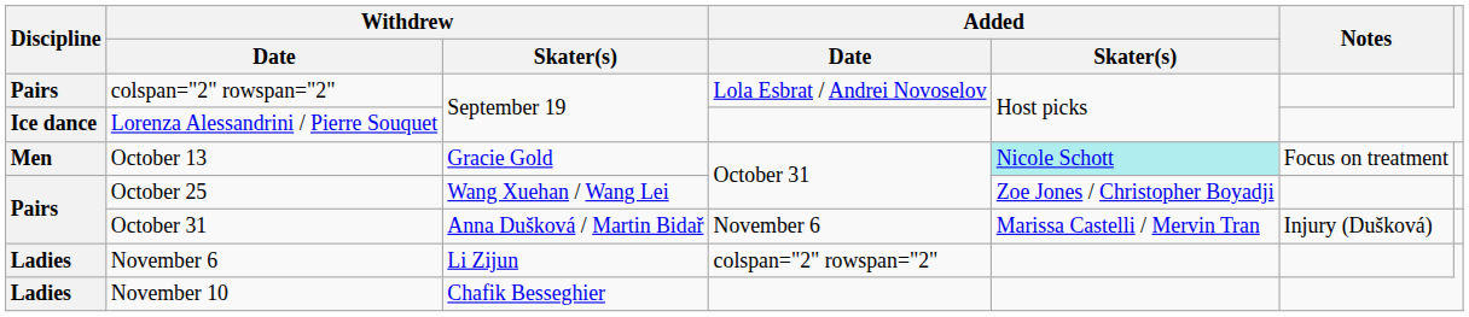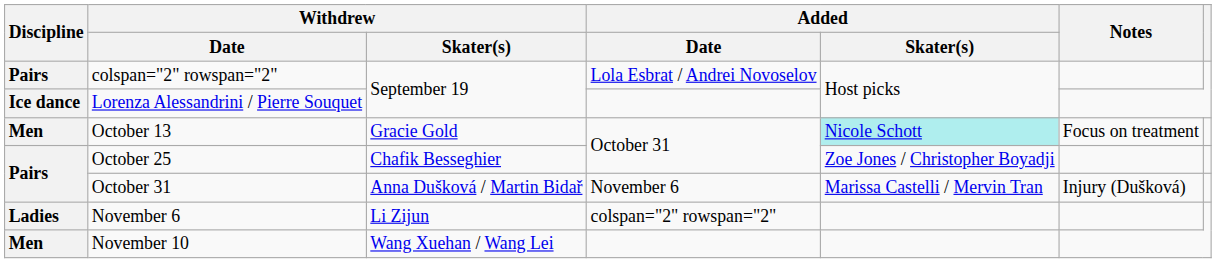 <table class="wikitable unsortable">
 <tr>
 <th scope="col" rowspan=2>Discipline</th>
 <th scope="col" colspan=2>Withdrew</th>
 <th scope="col" colspan=2>Added</th>
 <th scope="col" rowspan=2>Notes</th>
 <th scope="col" rowspan=2></th>
 </tr>
 <tr>
 <th>Date</th>
 <th>Skater(s)</th>
 <th>Date</th>
 <th>Skater(s)</th>
 </tr>
 <tr>
 <th scope="row" style="text-align:left">Pairs</th>
 <td>colspan="2" rowspan="2" </td>
 <td rowspan="2">September 19</td>
 <td> <a href='#'>Lola Esbrat</a> / <a href='#'>Andrei Novoselov</a></td>
 <td rowspan="2">Host picks</td>
 <td></td>
 </tr>
 <tr>
 <th scope="row" style="text-align:left">Ice dance</th>
 <td> <a href='#'>Lorenza Alessandrini</a> / <a href='#'>Pierre Souquet</a></td>
 <td></td>
 </tr>
 <tr>
 <th scope="row" style="text-align:left">Men</th>
 <td>October 13</td>
 <td> <a href='#'>Gracie Gold</a></td>
 <td rowspan="2">October 31</td>
 <td style="background: paleturquoise;"> <a href='#'>Nicole Schott</a></td>
 <td>Focus on treatment</td>
 <td></td>
 </tr>
 <tr>
 <th scope="row" style="text-align:left" rowspan="2">Pairs</th>
 <td>October 25</td>
-<td> <a href='#'>Wang Xuehan</a> / <a href='#'>Wang Lei</a></td>
+<td> <a href='#'>Chafik Besseghier</a></td>
 <td> <a href='#'>Zoe Jones</a> / <a href='#'>Christopher Boyadji</a></td>
 <td></td>
 <td></td>
 </tr>
 <tr>
 <td>October 31</td>
 <td> <a href='#'>Anna Dušková</a> / <a href='#'>Martin Bidař</a></td>
 <td>November 6</td>
 <td> <a href='#'>Marissa Castelli</a> / <a href='#'>Mervin Tran</a></td>
 <td>Injury (Dušková)</td>
 <td></td>
 </tr>
 <tr>
 <th scope="row" style="text-align:left">Ladies</th>
 <td>November 6</td>
 <td> <a href='#'>Li Zijun</a></td>
 <td>colspan="2" rowspan="2" </td>
 <td></td>
 <td></td>
 </tr>
 <tr>
-<th scope="row" style="text-align:left">Ladies</th>
+<th scope="row" style="text-align:left">Men</th>
 <td>November 10</td>
-<td> <a href='#'>Chafik Besseghier</a></td>
+<td> <a href='#'>Wang Xuehan</a> / <a href='#'>Wang Lei</a></td>
 <td></td>
 <td></td>
 </tr>
 </table>
